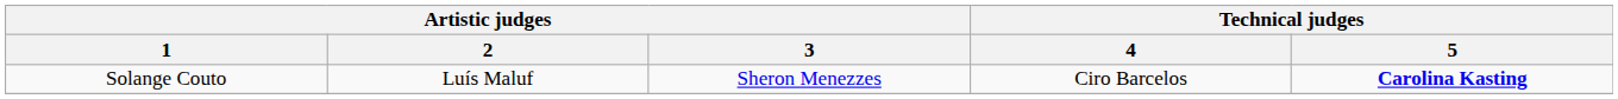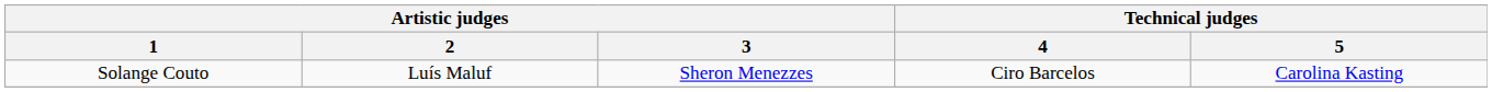 <table class="wikitable" style="font-size:100%; line-height:16px; text-align:center" width="100%">
 <tr>
 <th colspan=3>Artistic judges</th>
 <th colspan=2>Technical judges</th>
 </tr>
 <tr>
 <th style="width:20.0%;">1</th>
 <th style="width:20.0%;">2</th>
 <th style="width:20.0%;">3</th>
 <th style="width:20.0%;">4</th>
 <th style="width:20.0%;">5</th>
 </tr>
 <tr>
 <td>Solange Couto</td>
 <td>Luís Maluf</td>
 <td><a href='#'>Sheron Menezzes</a></td>
 <td>Ciro Barcelos</td>
-<td><strong><a href='#'>Carolina Kasting</a></strong></td>
+<td><a href='#'>Carolina Kasting</a></td>
 </tr>
 <tr>
 </tr>
 </table>
